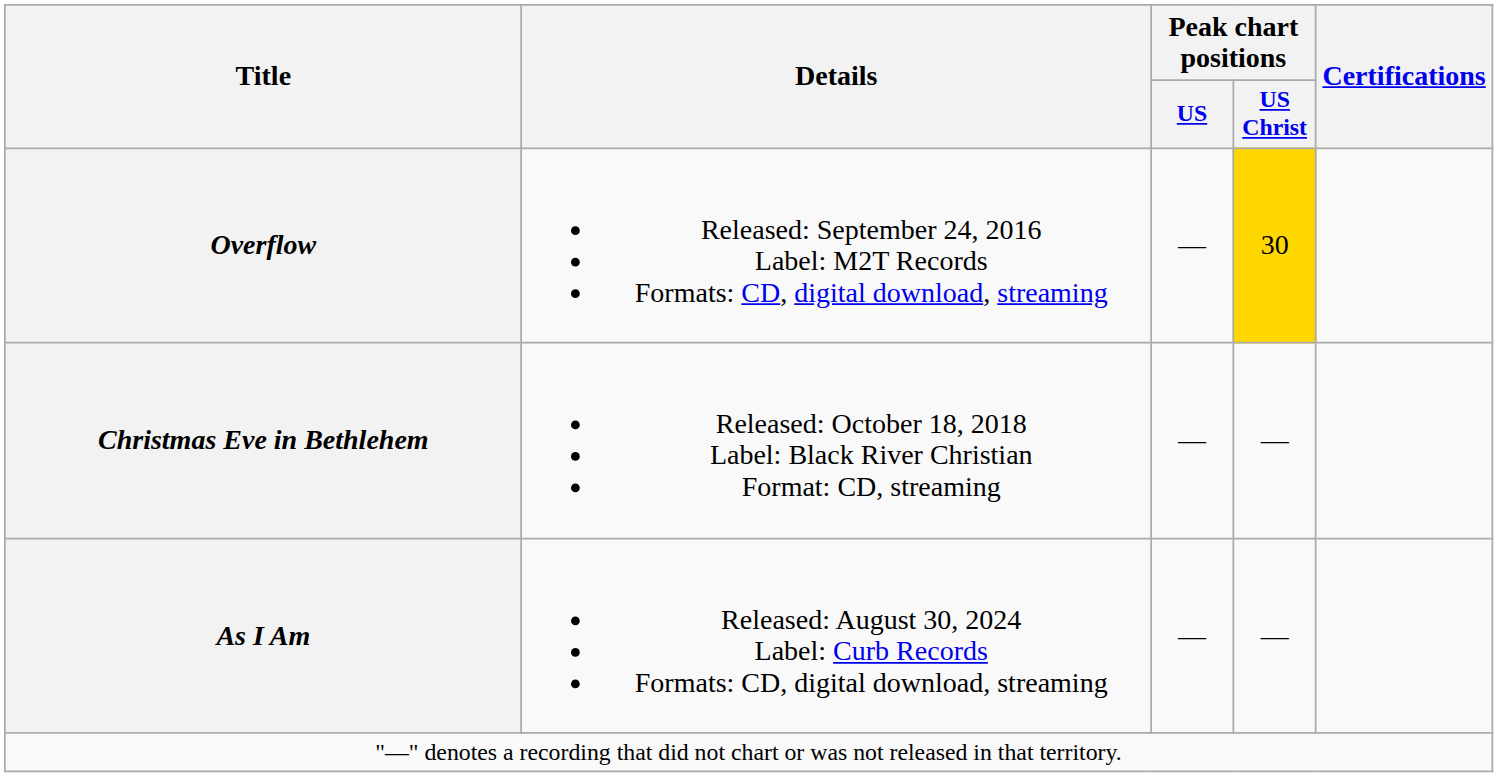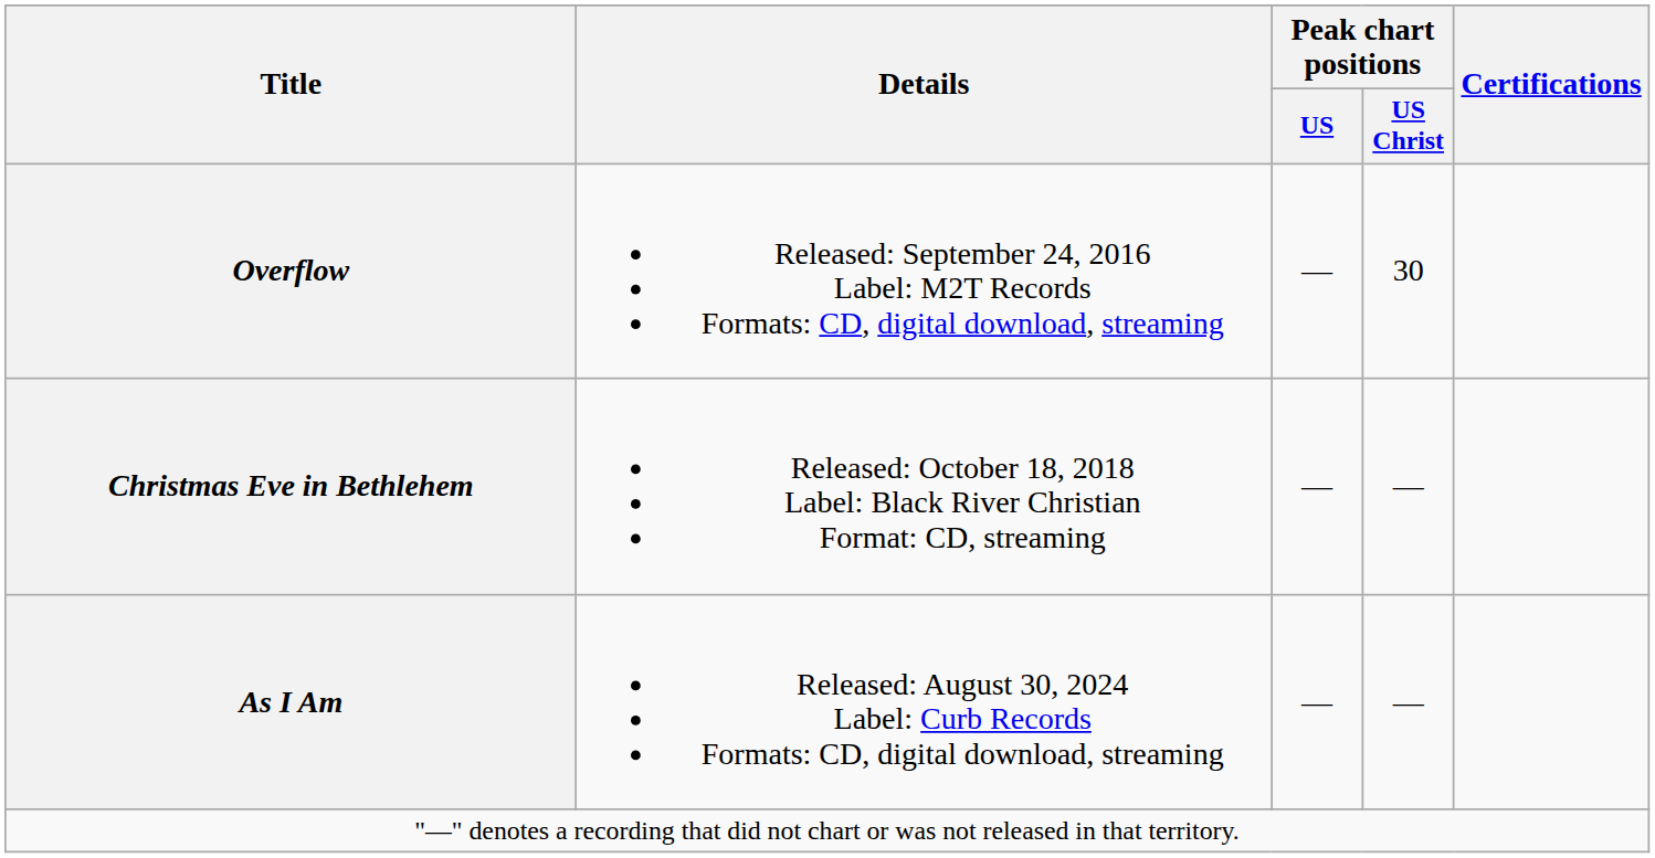 <table class="wikitable plainrowheaders" style="text-align:center;">
 <tr>
 <th scope="col" rowspan="2" style="width:18em;">Title</th>
 <th scope="col" rowspan="2" style="width:22em;">Details</th>
 <th colspan="2" scope="col">Peak chart positions</th>
 <th rowspan="2"><a href='#'>Certifications</a></th>
 </tr>
 <tr>
 <th scope="col" style="width:3em;font-size:85%;"><a href='#'>US</a><br></th>
 <th scope="col" style="width:3em;font-size:85%;"><a href='#'>US<br>Christ</a><br></th>
 </tr>
 <tr>
 <th scope="row"><em>Overflow</em></th>
 <td><br><ul><li>Released: September 24, 2016</li><li>Label: M2T Records</li><li>Formats: <a href='#'>CD</a>, <a href='#'>digital download</a>, <a href='#'>streaming</a></li></ul></td>
 <td>—</td>
-<td style="background: gold;">30</td>
+<td>30</td>
 <td></td>
 </tr>
 <tr>
 <th scope="row"><em>Christmas Eve in Bethlehem</em></th>
 <td><br><ul><li>Released: October 18, 2018</li><li>Label: Black River Christian</li><li>Format: CD, streaming</li></ul></td>
 <td>—</td>
 <td>—</td>
 <td></td>
 </tr>
 <tr>
 <th scope="row"><em>As I Am</em></th>
 <td><br><ul><li>Released: August 30, 2024</li><li>Label: <a href='#'>Curb Records</a></li><li>Formats: CD, digital download, streaming</li></ul></td>
 <td>—</td>
 <td>—</td>
 <td></td>
 </tr>
 <tr>
 <td colspan="15" style="font-size:85%">"—" denotes a recording that did not chart or was not released in that territory.</td>
 </tr>
 </table>
